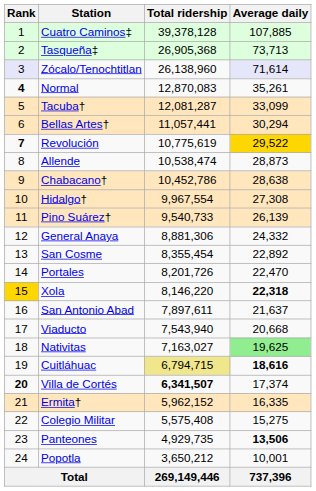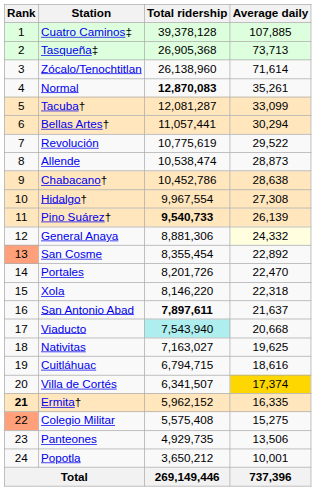 <table class=wikitable style="text-align:center">
 <tr>
 <th>Rank</th>
 <th>Station</th>
 <th>Total ridership</th>
 <th>Average daily</th>
 </tr>
 <tr style="background-color:#DDFFDD">
 <td>1</td>
 <td align=left><a href='#'>Cuatro Caminos</a>‡</td>
 <td>39,378,128</td>
 <td>107,885</td>
 </tr>
 <tr style="background-color:#DDFFDD">
 <td>2</td>
 <td align=left><a href='#'>Tasqueña</a>‡</td>
 <td>26,905,368</td>
 <td>73,713</td>
 </tr>
 <tr>
-<td style="background: lavender;">3</td>
+<td>3</td>
 <td align=left><a href='#'>Zócalo/Tenochtitlan</a></td>
 <td>26,138,960</td>
-<td style="background: lavender;">71,614</td>
+<td>71,614</td>
 </tr>
 <tr>
-<td><strong>4</strong></td>
+<td>4</td>
 <td align=left><a href='#'>Normal</a></td>
-<td>12,870,083</td>
+<td><strong>12,870,083</strong></td>
 <td>35,261</td>
 </tr>
 <tr style="background-color:#FFE6BD">
 <td>5</td>
 <td align=left><a href='#'>Tacuba</a>†</td>
 <td>12,081,287</td>
 <td>33,099</td>
 </tr>
 <tr style="background-color:#FFE6BD">
 <td>6</td>
 <td align=left><a href='#'>Bellas Artes</a>†</td>
 <td>11,057,441</td>
 <td>30,294</td>
 </tr>
 <tr>
-<td><strong>7</strong></td>
+<td>7</td>
 <td align=left><a href='#'>Revolución</a></td>
 <td>10,775,619</td>
-<td style="background: gold;">29,522</td>
+<td>29,522</td>
 </tr>
 <tr>
 <td>8</td>
 <td align=left><a href='#'>Allende</a></td>
 <td>10,538,474</td>
 <td>28,873</td>
 </tr>
 <tr style="background-color:#FFE6BD">
 <td>9</td>
 <td align=left><a href='#'>Chabacano</a>†</td>
 <td>10,452,786</td>
 <td>28,638</td>
 </tr>
 <tr style="background-color:#FFE6BD">
 <td>10</td>
 <td align=left><a href='#'>Hidalgo</a>†</td>
 <td>9,967,554</td>
 <td>27,308</td>
 </tr>
 <tr style="background-color:#FFE6BD">
 <td>11</td>
 <td align=left><a href='#'>Pino Suárez</a>†</td>
-<td>9,540,733</td>
+<td><strong>9,540,733</strong></td>
 <td>26,139</td>
 </tr>
 <tr>
 <td>12</td>
 <td align=left><a href='#'>General Anaya</a></td>
 <td>8,881,306</td>
-<td>24,332</td>
+<td style="background: lightyellow;">24,332</td>
 </tr>
 <tr>
-<td>13</td>
+<td style="background: lightsalmon;">13</td>
 <td align=left><a href='#'>San Cosme</a></td>
 <td>8,355,454</td>
 <td>22,892</td>
 </tr>
 <tr>
 <td>14</td>
 <td align=left><a href='#'>Portales</a></td>
 <td>8,201,726</td>
 <td>22,470</td>
 </tr>
 <tr>
-<td style="background: gold;">15</td>
+<td>15</td>
 <td align=left><a href='#'>Xola</a></td>
 <td>8,146,220</td>
-<td><strong>22,318</strong></td>
+<td>22,318</td>
 </tr>
 <tr>
 <td>16</td>
 <td align=left><a href='#'>San Antonio Abad</a></td>
-<td>7,897,611</td>
+<td><strong>7,897,611</strong></td>
 <td>21,637</td>
 </tr>
 <tr>
 <td>17</td>
 <td align=left><a href='#'>Viaducto</a></td>
-<td>7,543,940</td>
+<td style="background: paleturquoise;">7,543,940</td>
 <td>20,668</td>
 </tr>
 <tr>
 <td>18</td>
 <td align=left><a href='#'>Nativitas</a></td>
 <td>7,163,027</td>
-<td style="background: lightgreen;">19,625</td>
+<td>19,625</td>
 </tr>
 <tr>
 <td>19</td>
 <td align=left><a href='#'>Cuitláhuac</a></td>
-<td style="background: khaki;">6,794,715</td>
-<td><strong>18,616</strong></td>
+<td>6,794,715</td>
+<td>18,616</td>
 </tr>
 <tr>
-<td><strong>20</strong></td>
+<td>20</td>
 <td align=left><a href='#'>Villa de Cortés</a></td>
-<td><strong>6,341,507</strong></td>
-<td>17,374</td>
+<td>6,341,507</td>
+<td style="background: gold;">17,374</td>
 </tr>
 <tr style="background-color:#FFE6BD">
-<td>21</td>
+<td><strong>21</strong></td>
 <td align=left><a href='#'>Ermita</a>†</td>
 <td>5,962,152</td>
 <td>16,335</td>
 </tr>
 <tr>
-<td>22</td>
+<td style="background: lightsalmon;">22</td>
 <td align=left><a href='#'>Colegio Militar</a></td>
 <td>5,575,408</td>
 <td>15,275</td>
 </tr>
 <tr>
 <td>23</td>
 <td align=left><a href='#'>Panteones</a></td>
 <td>4,929,735</td>
-<td><strong>13,506</strong></td>
+<td>13,506</td>
 </tr>
 <tr>
 <td>24</td>
 <td align=left><a href='#'>Popotla</a></td>
 <td>3,650,212</td>
 <td>10,001</td>
 </tr>
 <tr>
 <th colspan=2>Total</th>
 <th>269,149,446</th>
 <th>737,396</th>
 </tr>
 </table>
